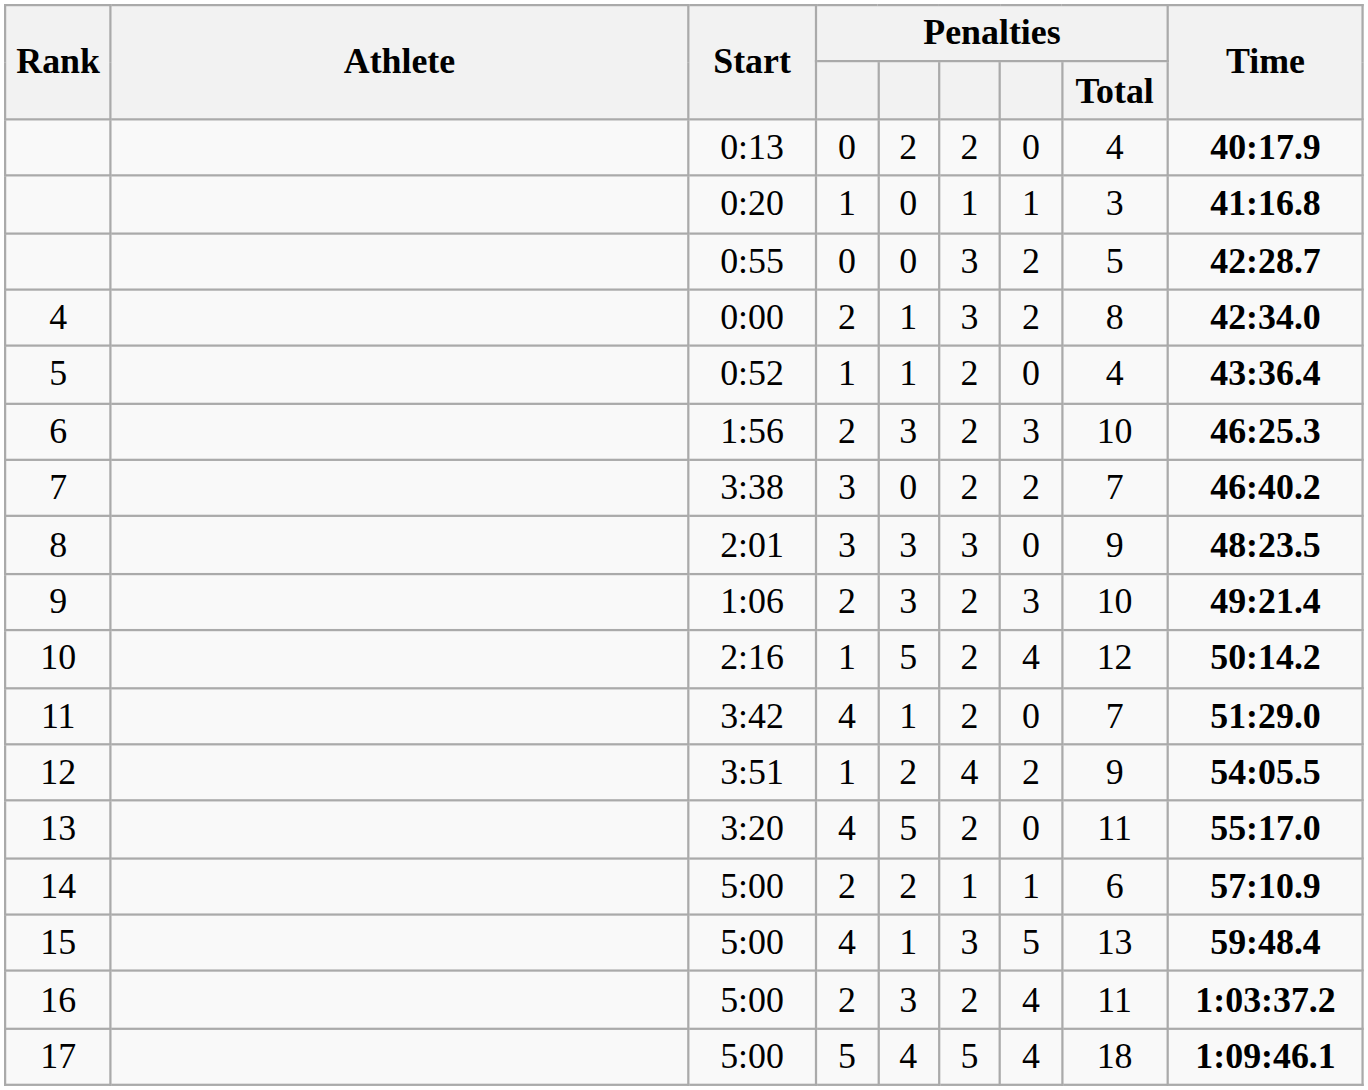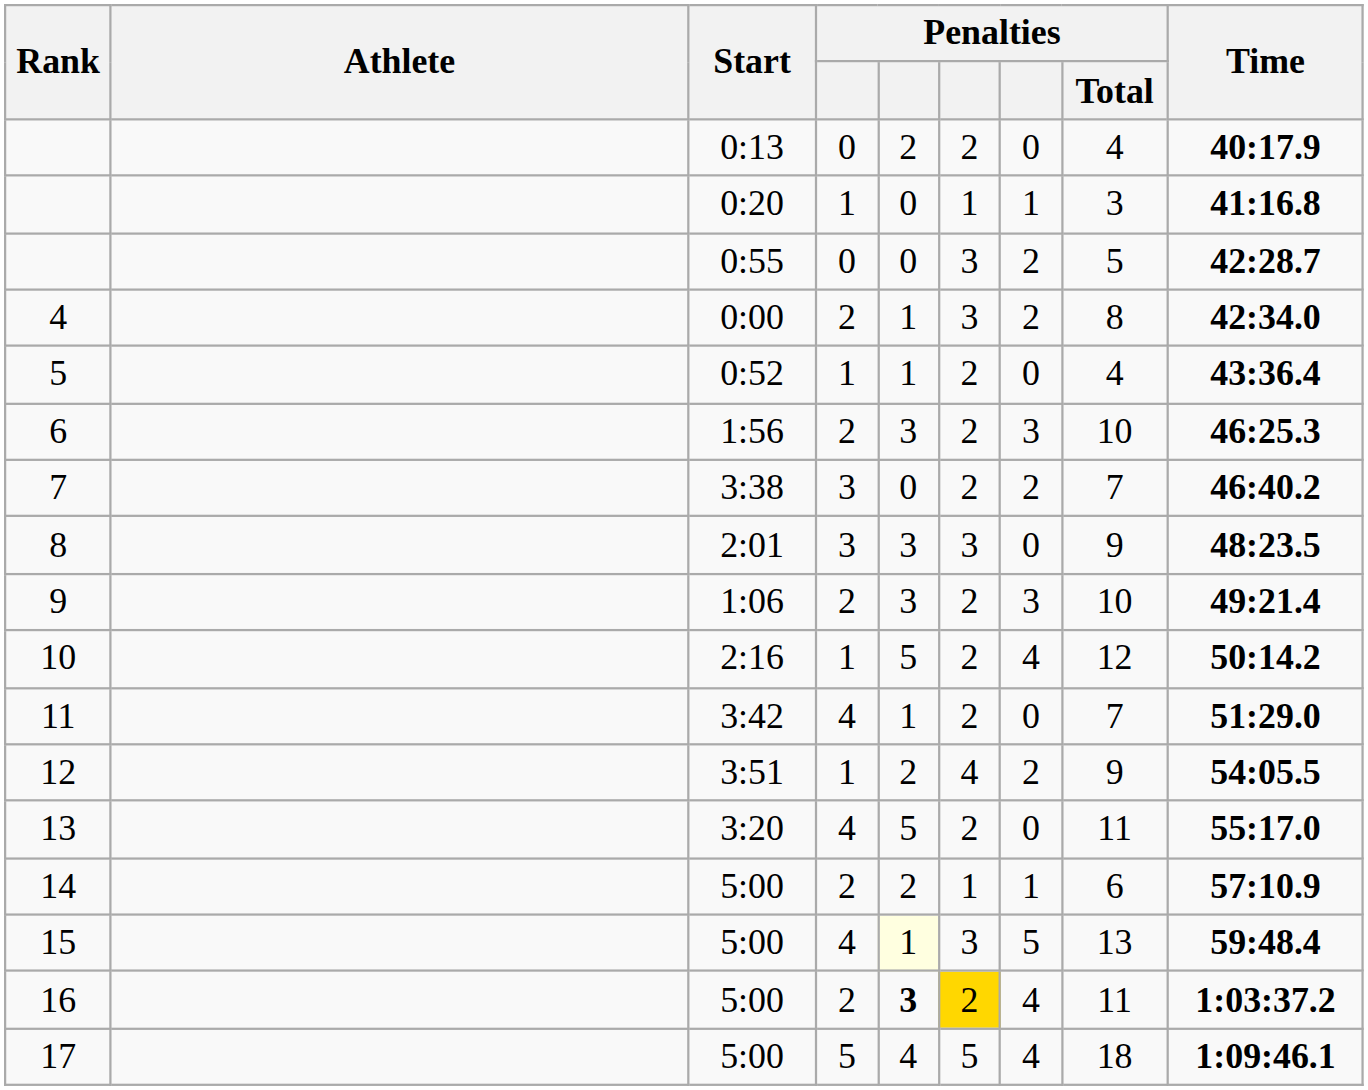 <table class=wikitable style="text-align:center">
 <tr>
 <th rowspan=2 width=40>Rank</th>
 <th rowspan=2 width=250>Athlete</th>
 <th rowspan=2 width=50>Start</th>
 <th colspan=5>Penalties</th>
 <th rowspan=2 width=80>Time</th>
 </tr>
 <tr>
 <th width=20></th>
 <th width=20></th>
 <th width=20></th>
 <th width=20></th>
 <th width=40>Total</th>
 </tr>
 <tr>
 <td></td>
 <td align=left></td>
 <td>0:13</td>
 <td>0</td>
 <td>2</td>
 <td>2</td>
 <td>0</td>
 <td>4</td>
 <td><strong>40:17.9</strong></td>
 </tr>
 <tr>
 <td></td>
 <td align=left></td>
 <td>0:20</td>
 <td>1</td>
 <td>0</td>
 <td>1</td>
 <td>1</td>
 <td>3</td>
 <td><strong>41:16.8</strong></td>
 </tr>
 <tr>
 <td></td>
 <td align=left></td>
 <td>0:55</td>
 <td>0</td>
 <td>0</td>
 <td>3</td>
 <td>2</td>
 <td>5</td>
 <td><strong>42:28.7</strong></td>
 </tr>
 <tr>
 <td>4</td>
 <td align=left></td>
 <td>0:00</td>
 <td>2</td>
 <td>1</td>
 <td>3</td>
 <td>2</td>
 <td>8</td>
 <td><strong>42:34.0</strong></td>
 </tr>
 <tr>
 <td>5</td>
 <td align=left></td>
 <td>0:52</td>
 <td>1</td>
 <td>1</td>
 <td>2</td>
 <td>0</td>
 <td>4</td>
 <td><strong>43:36.4</strong></td>
 </tr>
 <tr>
 <td>6</td>
 <td align=left></td>
 <td>1:56</td>
 <td>2</td>
 <td>3</td>
 <td>2</td>
 <td>3</td>
 <td>10</td>
 <td><strong>46:25.3</strong></td>
 </tr>
 <tr>
 <td>7</td>
 <td align=left></td>
 <td>3:38</td>
 <td>3</td>
 <td>0</td>
 <td>2</td>
 <td>2</td>
 <td>7</td>
 <td><strong>46:40.2</strong></td>
 </tr>
 <tr>
 <td>8</td>
 <td align=left></td>
 <td>2:01</td>
 <td>3</td>
 <td>3</td>
 <td>3</td>
 <td>0</td>
 <td>9</td>
 <td><strong>48:23.5</strong></td>
 </tr>
 <tr>
 <td>9</td>
 <td align=left></td>
 <td>1:06</td>
 <td>2</td>
 <td>3</td>
 <td>2</td>
 <td>3</td>
 <td>10</td>
 <td><strong>49:21.4</strong></td>
 </tr>
 <tr>
 <td>10</td>
 <td align=left></td>
 <td>2:16</td>
 <td>1</td>
 <td>5</td>
 <td>2</td>
 <td>4</td>
 <td>12</td>
 <td><strong>50:14.2</strong></td>
 </tr>
 <tr>
 <td>11</td>
 <td align=left></td>
 <td>3:42</td>
 <td>4</td>
 <td>1</td>
 <td>2</td>
 <td>0</td>
 <td>7</td>
 <td><strong>51:29.0</strong></td>
 </tr>
 <tr>
 <td>12</td>
 <td align=left></td>
 <td>3:51</td>
 <td>1</td>
 <td>2</td>
 <td>4</td>
 <td>2</td>
 <td>9</td>
 <td><strong>54:05.5</strong></td>
 </tr>
 <tr>
 <td>13</td>
 <td align=left></td>
 <td>3:20</td>
 <td>4</td>
 <td>5</td>
 <td>2</td>
 <td>0</td>
 <td>11</td>
 <td><strong>55:17.0</strong></td>
 </tr>
 <tr>
 <td>14</td>
 <td align=left></td>
 <td>5:00</td>
 <td>2</td>
 <td>2</td>
 <td>1</td>
 <td>1</td>
 <td>6</td>
 <td><strong>57:10.9</strong></td>
 </tr>
 <tr>
 <td>15</td>
 <td align=left></td>
 <td>5:00</td>
 <td>4</td>
-<td>1</td>
+<td style="background: lightyellow;">1</td>
 <td>3</td>
 <td>5</td>
 <td>13</td>
 <td><strong>59:48.4</strong></td>
 </tr>
 <tr>
 <td>16</td>
 <td align=left></td>
 <td>5:00</td>
 <td>2</td>
-<td>3</td>
-<td>2</td>
+<td><strong>3</strong></td>
+<td style="background: gold;">2</td>
 <td>4</td>
 <td>11</td>
 <td><strong>1:03:37.2</strong></td>
 </tr>
 <tr>
 <td>17</td>
 <td align=left></td>
 <td>5:00</td>
 <td>5</td>
 <td>4</td>
 <td>5</td>
 <td>4</td>
 <td>18</td>
 <td><strong>1:09:46.1</strong></td>
 </tr>
 </table>
